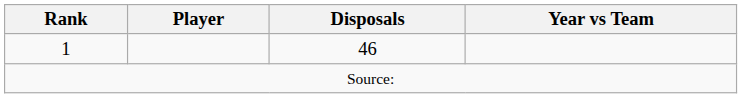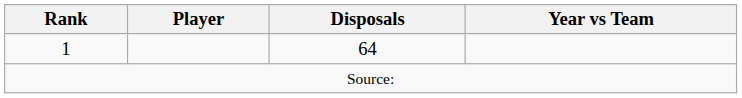 <table class="wikitable" style="text-align:center; width:50%;">
 <tr>
 <th>Rank</th>
 <th>Player</th>
 <th>Disposals</th>
 <th>Year vs Team</th>
 </tr>
 <tr>
 <td rowspan=1>1</td>
 <td></td>
-<td>46</td>
+<td>64</td>
 <td></td>
 </tr>
 <tr>
 <td colspan=7><small>Source:</small></td>
 </tr>
 </table>
